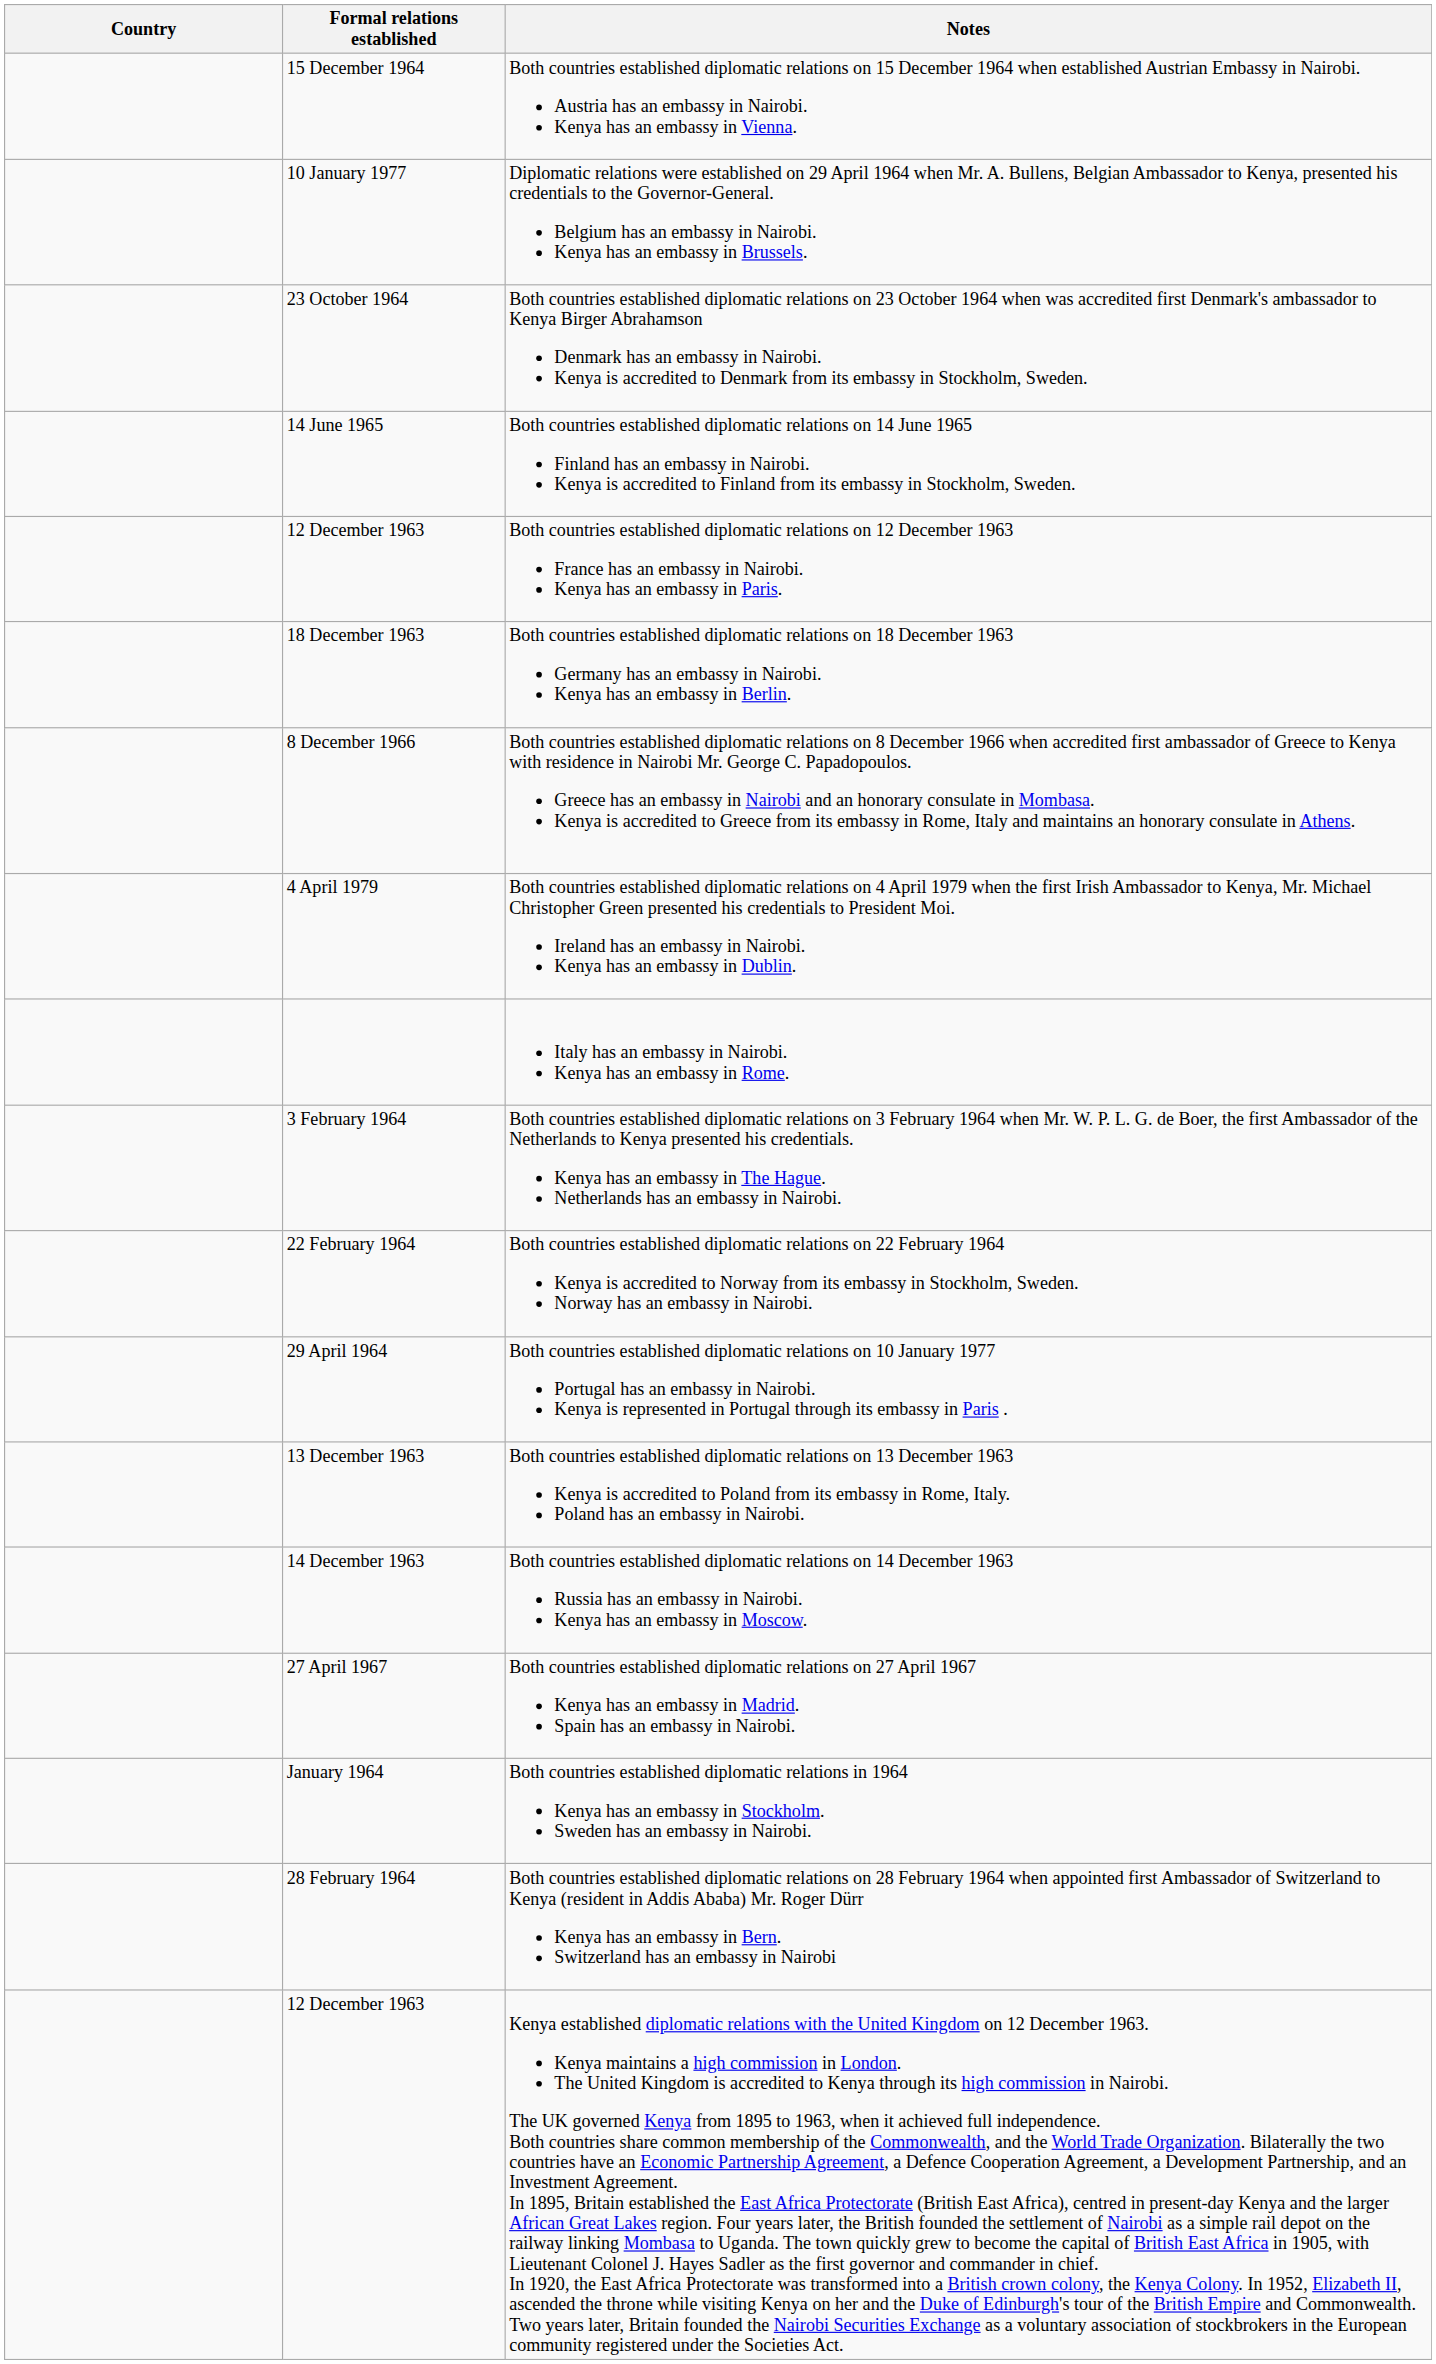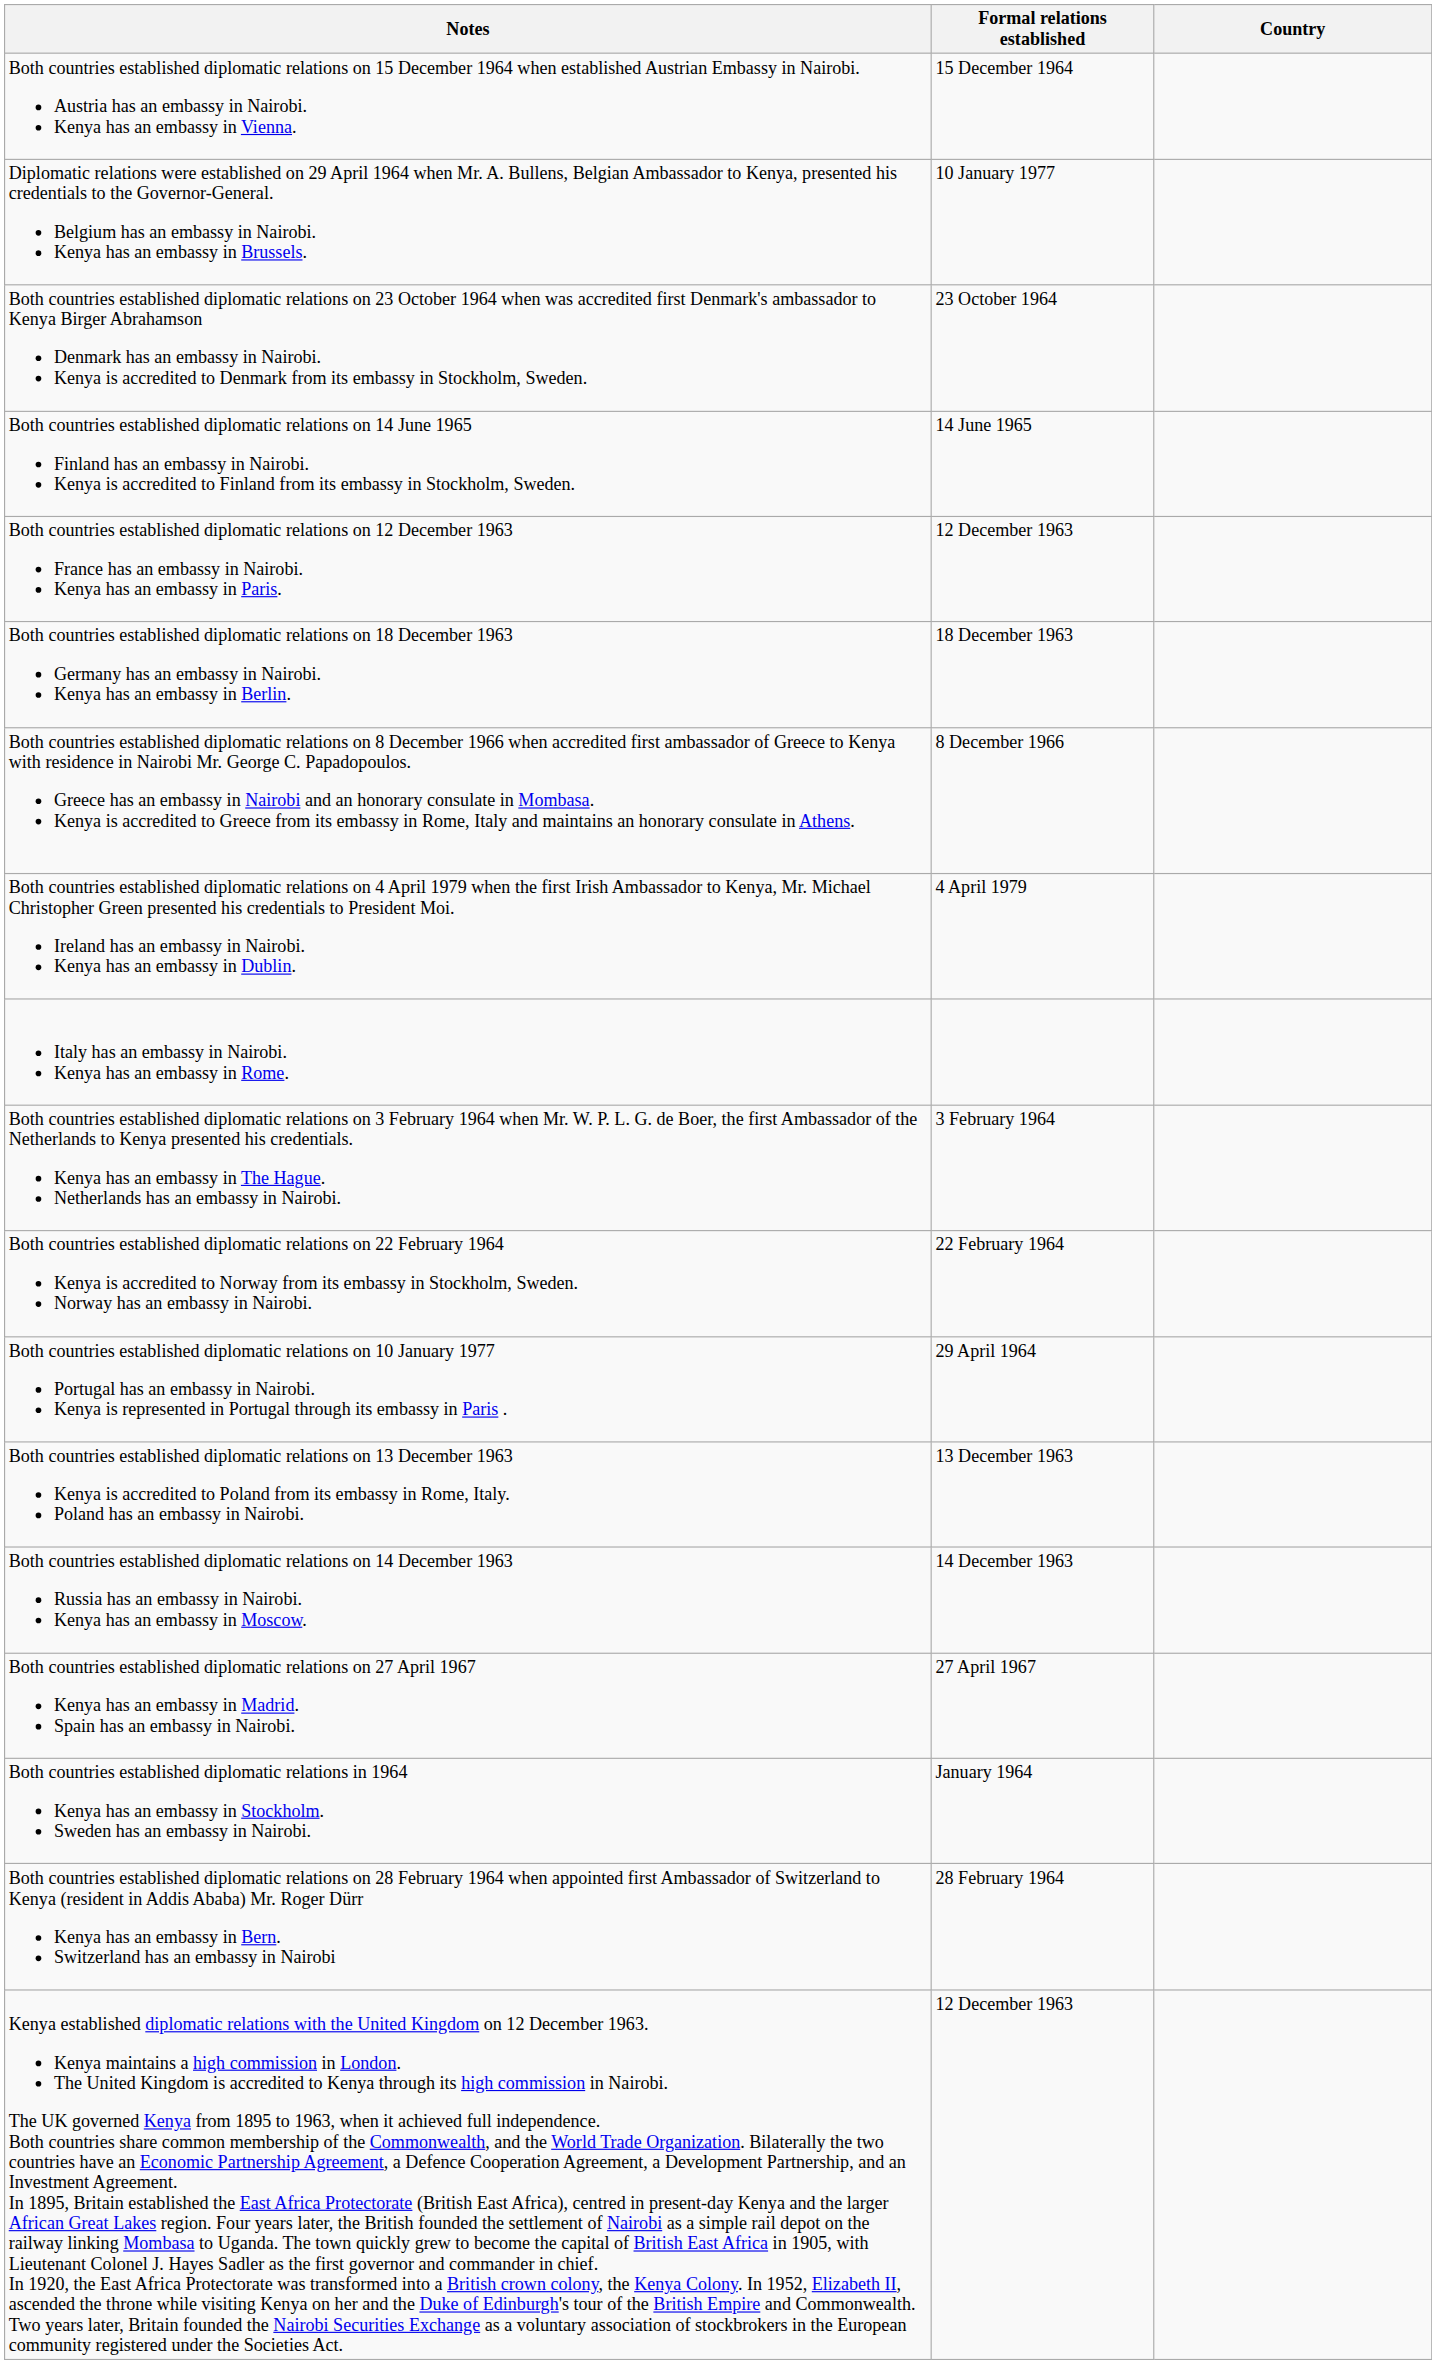 <table class="wikitable sortable" style="width:100%; margin:auto;">
 <tr>
+<th style="width:50%;">Notes</th>
+<th style="width:12%;">Formal relations established</th>
 <th style="width:15%;">Country</th>
-<th style="width:12%;">Formal relations established</th>
-<th style="width:50%;">Notes</th>
 </tr>
 <tr valign="top">
+<td>Both countries established diplomatic relations on 15 December 1964 when established Austrian Embassy in Nairobi.<br><ul><li>Austria has an embassy in Nairobi.</li><li>Kenya has an embassy in <a href='#'>Vienna</a>.</li></ul></td>
+<td>15 December 1964</td>
 <td></td>
-<td>15 December 1964</td>
-<td>Both countries established diplomatic relations on 15 December 1964 when established Austrian Embassy in Nairobi.<br><ul><li>Austria has an embassy in Nairobi.</li><li>Kenya has an embassy in <a href='#'>Vienna</a>.</li></ul></td>
 </tr>
 <tr valign="top">
+<td>Diplomatic relations were established on 29 April 1964 when Mr. A. Bullens, Belgian Ambassador to Kenya, presented his credentials to the Governor-General.<br><ul><li>Belgium has an embassy in Nairobi.</li><li>Kenya has an embassy in <a href='#'>Brussels</a>.</li></ul></td>
+<td>10 January 1977</td>
 <td></td>
-<td>10 January 1977</td>
-<td>Diplomatic relations were established on 29 April 1964 when Mr. A. Bullens, Belgian Ambassador to Kenya, presented his credentials to the Governor-General.<br><ul><li>Belgium has an embassy in Nairobi.</li><li>Kenya has an embassy in <a href='#'>Brussels</a>.</li></ul></td>
 </tr>
 <tr valign="top">
+<td>Both countries established diplomatic relations on 23 October 1964 when was accredited first Denmark's ambassador to Kenya Birger Abrahamson<br><ul><li>Denmark has an embassy in Nairobi.</li><li>Kenya is accredited to Denmark from its embassy in Stockholm, Sweden.</li></ul></td>
+<td>23 October 1964</td>
 <td></td>
-<td>23 October 1964</td>
-<td>Both countries established diplomatic relations on 23 October 1964 when was accredited first Denmark's ambassador to Kenya Birger Abrahamson<br><ul><li>Denmark has an embassy in Nairobi.</li><li>Kenya is accredited to Denmark from its embassy in Stockholm, Sweden.</li></ul></td>
 </tr>
 <tr valign="top">
+<td>Both countries established diplomatic relations on 14 June 1965<br><ul><li>Finland has an embassy in Nairobi.</li><li>Kenya is accredited to Finland from its embassy in Stockholm, Sweden.</li></ul></td>
+<td>14 June 1965</td>
 <td></td>
-<td>14 June 1965</td>
-<td>Both countries established diplomatic relations on 14 June 1965<br><ul><li>Finland has an embassy in Nairobi.</li><li>Kenya is accredited to Finland from its embassy in Stockholm, Sweden.</li></ul></td>
 </tr>
 <tr valign="top">
+<td>Both countries established diplomatic relations on 12 December 1963<br><ul><li>France has an embassy in Nairobi.</li><li>Kenya has an embassy in <a href='#'>Paris</a>.</li></ul></td>
+<td>12 December 1963</td>
 <td></td>
-<td>12 December 1963</td>
-<td>Both countries established diplomatic relations on 12 December 1963<br><ul><li>France has an embassy in Nairobi.</li><li>Kenya has an embassy in <a href='#'>Paris</a>.</li></ul></td>
 </tr>
 <tr valign="top">
+<td>Both countries established diplomatic relations on 18 December 1963<br><ul><li>Germany has an embassy in Nairobi.</li><li>Kenya has an embassy in <a href='#'>Berlin</a>.</li></ul></td>
+<td>18 December 1963</td>
 <td></td>
-<td>18 December 1963</td>
-<td>Both countries established diplomatic relations on 18 December 1963<br><ul><li>Germany has an embassy in Nairobi.</li><li>Kenya has an embassy in <a href='#'>Berlin</a>.</li></ul></td>
 </tr>
 <tr valign="top">
+<td>Both countries established diplomatic relations on 8 December 1966 when accredited first ambassador of Greece to Kenya with residence in Nairobi Mr. George C. Papadopoulos.<br><ul><li>Greece has an embassy in <a href='#'>Nairobi</a> and an honorary consulate in <a href='#'>Mombasa</a>.</li><li>Kenya is accredited to Greece from its embassy in Rome, Italy and maintains an honorary consulate in <a href='#'>Athens</a>.</li></ul>  <br></td>
+<td>8 December 1966</td>
 <td></td>
-<td>8 December 1966</td>
-<td>Both countries established diplomatic relations on 8 December 1966 when accredited first ambassador of Greece to Kenya with residence in Nairobi Mr. George C. Papadopoulos.<br><ul><li>Greece has an embassy in <a href='#'>Nairobi</a> and an honorary consulate in <a href='#'>Mombasa</a>.</li><li>Kenya is accredited to Greece from its embassy in Rome, Italy and maintains an honorary consulate in <a href='#'>Athens</a>.</li></ul>  <br></td>
 </tr>
 <tr valign="top">
+<td>Both countries established diplomatic relations on 4 April 1979 when the first Irish Ambassador to Kenya, Mr. Michael Christopher Green presented his credentials to President Moi.<br><ul><li>Ireland has an embassy in Nairobi.</li><li>Kenya has an embassy in <a href='#'>Dublin</a>.</li></ul></td>
+<td>4 April 1979</td>
 <td></td>
-<td>4 April 1979</td>
-<td>Both countries established diplomatic relations on 4 April 1979 when the first Irish Ambassador to Kenya, Mr. Michael Christopher Green presented his credentials to President Moi.<br><ul><li>Ireland has an embassy in Nairobi.</li><li>Kenya has an embassy in <a href='#'>Dublin</a>.</li></ul></td>
 </tr>
 <tr valign="top">
+<td><br><ul><li>Italy has an embassy in Nairobi.</li><li>Kenya has an embassy in <a href='#'>Rome</a>.</li></ul></td>
 <td></td>
 <td></td>
-<td><br><ul><li>Italy has an embassy in Nairobi.</li><li>Kenya has an embassy in <a href='#'>Rome</a>.</li></ul></td>
 </tr>
 <tr valign="top">
+<td>Both countries established diplomatic relations on 3 February 1964 when Mr. W. P. L. G. de Boer, the first Ambassador of the Netherlands to Kenya presented his credentials.<br><ul><li>Kenya has an embassy in <a href='#'>The Hague</a>.</li><li>Netherlands has an embassy in Nairobi.</li></ul></td>
+<td>3 February 1964</td>
 <td></td>
-<td>3 February 1964</td>
-<td>Both countries established diplomatic relations on 3 February 1964 when Mr. W. P. L. G. de Boer, the first Ambassador of the Netherlands to Kenya presented his credentials.<br><ul><li>Kenya has an embassy in <a href='#'>The Hague</a>.</li><li>Netherlands has an embassy in Nairobi.</li></ul></td>
 </tr>
 <tr valign="top">
+<td>Both countries established diplomatic relations on 22 February 1964<br><ul><li>Kenya is accredited to Norway from its embassy in Stockholm, Sweden.</li><li>Norway has an embassy in Nairobi.</li></ul></td>
+<td>22 February 1964</td>
 <td></td>
-<td>22 February 1964</td>
-<td>Both countries established diplomatic relations on 22 February 1964<br><ul><li>Kenya is accredited to Norway from its embassy in Stockholm, Sweden.</li><li>Norway has an embassy in Nairobi.</li></ul></td>
 </tr>
 <tr valign="top">
+<td>Both countries established diplomatic relations on 10 January 1977<br><ul><li>Portugal has an embassy in Nairobi.</li><li>Kenya is represented in Portugal through its embassy in <a href='#'>Paris</a> .</li></ul></td>
+<td>29 April 1964</td>
 <td></td>
-<td>29 April 1964</td>
-<td>Both countries established diplomatic relations on 10 January 1977<br><ul><li>Portugal has an embassy in Nairobi.</li><li>Kenya is represented in Portugal through its embassy in <a href='#'>Paris</a> .</li></ul></td>
 </tr>
 <tr valign="top">
+<td>Both countries established diplomatic relations on 13 December 1963<br><ul><li>Kenya is accredited to Poland from its embassy in Rome, Italy.</li><li>Poland has an embassy in Nairobi.</li></ul></td>
+<td>13 December 1963</td>
 <td></td>
-<td>13 December 1963</td>
-<td>Both countries established diplomatic relations on 13 December 1963<br><ul><li>Kenya is accredited to Poland from its embassy in Rome, Italy.</li><li>Poland has an embassy in Nairobi.</li></ul></td>
 </tr>
 <tr valign="top">
+<td>Both countries established diplomatic relations on 14 December 1963<br><ul><li>Russia has an embassy in Nairobi.</li><li>Kenya has an embassy in <a href='#'>Moscow</a>.</li></ul></td>
+<td>14 December 1963</td>
 <td></td>
-<td>14 December 1963</td>
-<td>Both countries established diplomatic relations on 14 December 1963<br><ul><li>Russia has an embassy in Nairobi.</li><li>Kenya has an embassy in <a href='#'>Moscow</a>.</li></ul></td>
 </tr>
 <tr valign="top">
+<td>Both countries established diplomatic relations on 27 April 1967<br><ul><li>Kenya has an embassy in <a href='#'>Madrid</a>.</li><li>Spain has an embassy in Nairobi.</li></ul></td>
+<td>27 April 1967</td>
 <td></td>
-<td>27 April 1967</td>
-<td>Both countries established diplomatic relations on 27 April 1967<br><ul><li>Kenya has an embassy in <a href='#'>Madrid</a>.</li><li>Spain has an embassy in Nairobi.</li></ul></td>
 </tr>
 <tr valign="top">
+<td>Both countries established diplomatic relations in 1964<br><ul><li>Kenya has an embassy in <a href='#'>Stockholm</a>.</li><li>Sweden has an embassy in Nairobi.</li></ul></td>
+<td>January 1964</td>
 <td></td>
-<td>January 1964</td>
-<td>Both countries established diplomatic relations in 1964<br><ul><li>Kenya has an embassy in <a href='#'>Stockholm</a>.</li><li>Sweden has an embassy in Nairobi.</li></ul></td>
 </tr>
 <tr valign="top">
+<td>Both countries established diplomatic relations on 28 February 1964 when appointed first Ambassador of Switzerland to Kenya (resident in Addis Ababa) Mr. Roger Dürr<br><ul><li>Kenya has an embassy in <a href='#'>Bern</a>.</li><li>Switzerland has an embassy in Nairobi</li></ul></td>
+<td>28 February 1964</td>
 <td></td>
-<td>28 February 1964</td>
-<td>Both countries established diplomatic relations on 28 February 1964 when appointed first Ambassador of Switzerland to Kenya (resident in Addis Ababa) Mr. Roger Dürr<br><ul><li>Kenya has an embassy in <a href='#'>Bern</a>.</li><li>Switzerland has an embassy in Nairobi</li></ul></td>
 </tr>
 <tr valign="top">
+<td><br>Kenya established <a href='#'>diplomatic relations with the United Kingdom</a> on 12 December 1963.<ul><li>Kenya maintains a <a href='#'>high commission</a> in <a href='#'>London</a>.</li><li>The United Kingdom is accredited to Kenya through its <a href='#'>high commission</a> in Nairobi.</li></ul>The UK governed <a href='#'>Kenya</a> from 1895 to 1963, when it achieved full independence.<br>Both countries share common membership of the <a href='#'>Commonwealth</a>, and the <a href='#'>World Trade Organization</a>. Bilaterally the two countries have an <a href='#'>Economic Partnership Agreement</a>, a Defence Cooperation Agreement, a Development Partnership, and an Investment Agreement.<br>In 1895, Britain established the <a href='#'>East Africa Protectorate</a> (British East Africa), centred in present-day Kenya and the larger <a href='#'>African Great Lakes</a> region. Four years later, the British founded the settlement of <a href='#'>Nairobi</a> as a simple rail depot on the railway linking <a href='#'>Mombasa</a> to Uganda. The town quickly grew to become the capital of <a href='#'>British East Africa</a> in 1905, with Lieutenant Colonel J. Hayes Sadler as the first governor and commander in chief.<br>In 1920, the East Africa Protectorate was transformed into a <a href='#'>British crown colony</a>, the <a href='#'>Kenya Colony</a>. In 1952, <a href='#'>Elizabeth II</a>, ascended the throne while visiting Kenya on her and the <a href='#'>Duke of Edinburgh</a>'s tour of the <a href='#'>British Empire</a> and Commonwealth. Two years later, Britain founded the <a href='#'>Nairobi Securities Exchange</a> as a voluntary association of stockbrokers in the European community registered under the Societies Act.</td>
+<td>12 December 1963</td>
 <td></td>
-<td>12 December 1963</td>
-<td><br>Kenya established <a href='#'>diplomatic relations with the United Kingdom</a> on 12 December 1963.<ul><li>Kenya maintains a <a href='#'>high commission</a> in <a href='#'>London</a>.</li><li>The United Kingdom is accredited to Kenya through its <a href='#'>high commission</a> in Nairobi.</li></ul>The UK governed <a href='#'>Kenya</a> from 1895 to 1963, when it achieved full independence.<br>Both countries share common membership of the <a href='#'>Commonwealth</a>, and the <a href='#'>World Trade Organization</a>. Bilaterally the two countries have an <a href='#'>Economic Partnership Agreement</a>, a Defence Cooperation Agreement, a Development Partnership, and an Investment Agreement.<br>In 1895, Britain established the <a href='#'>East Africa Protectorate</a> (British East Africa), centred in present-day Kenya and the larger <a href='#'>African Great Lakes</a> region. Four years later, the British founded the settlement of <a href='#'>Nairobi</a> as a simple rail depot on the railway linking <a href='#'>Mombasa</a> to Uganda. The town quickly grew to become the capital of <a href='#'>British East Africa</a> in 1905, with Lieutenant Colonel J. Hayes Sadler as the first governor and commander in chief.<br>In 1920, the East Africa Protectorate was transformed into a <a href='#'>British crown colony</a>, the <a href='#'>Kenya Colony</a>. In 1952, <a href='#'>Elizabeth II</a>, ascended the throne while visiting Kenya on her and the <a href='#'>Duke of Edinburgh</a>'s tour of the <a href='#'>British Empire</a> and Commonwealth. Two years later, Britain founded the <a href='#'>Nairobi Securities Exchange</a> as a voluntary association of stockbrokers in the European community registered under the Societies Act.</td>
 </tr>
 </table>
